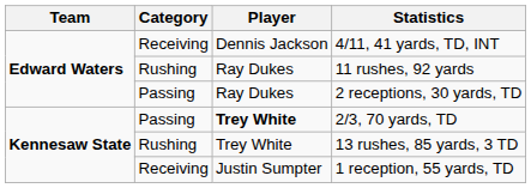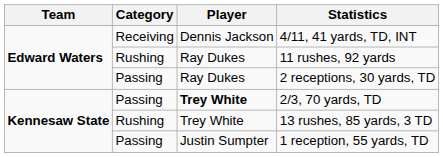 <table class="wikitable" style="float: left;">
 <tr>
 <th>Team</th>
 <th>Category</th>
 <th>Player</th>
 <th>Statistics</th>
 </tr>
 <tr>
 <td rowspan=3><strong>Edward Waters</strong></td>
 <td>Receiving</td>
 <td>Dennis Jackson</td>
 <td>4/11, 41 yards, TD, INT</td>
 </tr>
 <tr>
 <td>Rushing</td>
 <td>Ray Dukes</td>
 <td>11 rushes, 92 yards</td>
 </tr>
 <tr>
 <td>Passing</td>
 <td>Ray Dukes</td>
 <td>2 receptions, 30 yards, TD</td>
 </tr>
 <tr>
 <td rowspan=3><strong>Kennesaw State</strong></td>
 <td>Passing</td>
 <td><strong>Trey White</strong></td>
 <td>2/3, 70 yards, TD</td>
 </tr>
 <tr>
 <td>Rushing</td>
 <td>Trey White</td>
 <td>13 rushes, 85 yards, 3 TD</td>
 </tr>
 <tr>
-<td>Receiving</td>
+<td>Passing</td>
 <td>Justin Sumpter</td>
 <td>1 reception, 55 yards, TD</td>
 </tr>
 </table>
